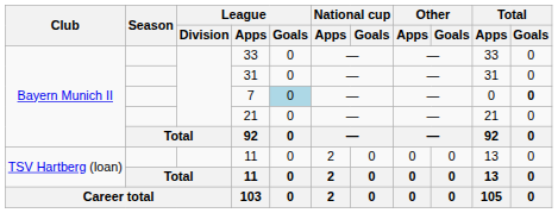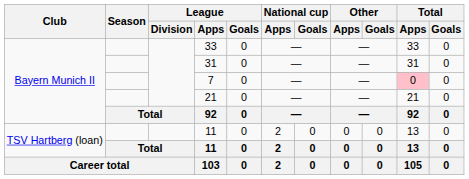 <table class="wikitable" style="text-align:center">
 <tr>
 <th rowspan="2">Club</th>
 <th rowspan="2">Season</th>
 <th colspan="3">League</th>
 <th colspan="2">National cup</th>
 <th colspan="2">Other</th>
 <th colspan="2">Total</th>
 </tr>
 <tr>
 <th>Division</th>
 <th>Apps</th>
 <th>Goals</th>
 <th>Apps</th>
 <th>Goals</th>
 <th>Apps</th>
 <th>Goals</th>
 <th>Apps</th>
 <th>Goals</th>
 </tr>
 <tr>
 <td rowspan="5"><a href='#'>Bayern Munich II</a></td>
 <td></td>
 <td rowspan="4"></td>
 <td>33</td>
 <td>0</td>
 <td colspan="2">—</td>
 <td colspan="2">—</td>
 <td>33</td>
 <td>0</td>
 </tr>
 <tr>
 <td></td>
 <td>31</td>
 <td>0</td>
 <td colspan="2">—</td>
 <td colspan="2">—</td>
 <td>31</td>
 <td>0</td>
 </tr>
 <tr>
 <td></td>
 <td>7</td>
-<td style="background: lightblue;">0</td>
+<td>0</td>
 <td colspan="2">—</td>
 <td colspan="2">—</td>
+<td style="background: pink;">0</td>
 <td>0</td>
-<td><strong>0</strong></td>
 </tr>
 <tr>
 <td></td>
 <td>21</td>
 <td>0</td>
 <td colspan="2">—</td>
 <td colspan="2">—</td>
 <td>21</td>
 <td>0</td>
 </tr>
 <tr>
 <th colspan="2">Total</th>
 <th>92</th>
 <th>0</th>
 <th colspan="2">—</th>
 <th colspan="2">—</th>
 <th>92</th>
 <th>0</th>
 </tr>
 <tr>
 <td rowspan="2"><a href='#'>TSV Hartberg</a> (loan)</td>
 <td></td>
 <td></td>
 <td>11</td>
 <td>0</td>
 <td>2</td>
 <td>0</td>
 <td>0</td>
 <td>0</td>
 <td>13</td>
 <td>0</td>
 </tr>
 <tr>
 <th colspan="2">Total</th>
 <th>11</th>
 <th>0</th>
 <th>2</th>
 <th>0</th>
 <th>0</th>
 <th>0</th>
 <th>13</th>
 <th>0</th>
 </tr>
 <tr>
 <th colspan="3">Career total</th>
 <th>103</th>
 <th>0</th>
 <th>2</th>
 <th>0</th>
 <th>0</th>
 <th>0</th>
 <th>105</th>
 <th>0</th>
 </tr>
 </table>
